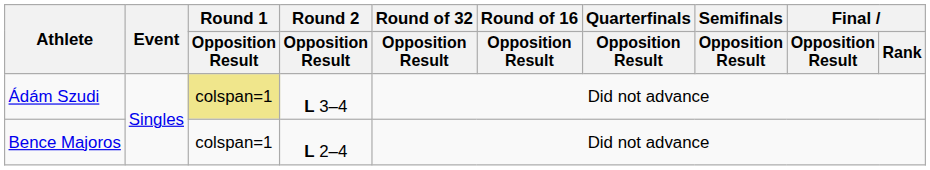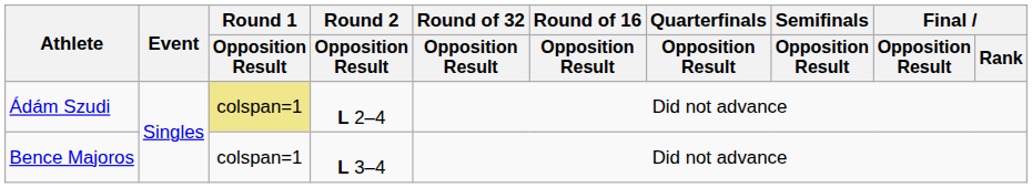 <table class="wikitable" style="font-size:90%">
 <tr>
 <th rowspan=2>Athlete</th>
 <th rowspan=2>Event</th>
 <th>Round 1</th>
 <th>Round 2</th>
 <th>Round of 32</th>
 <th>Round of 16</th>
 <th>Quarterfinals</th>
 <th>Semifinals</th>
 <th colspan=2>Final / </th>
 </tr>
 <tr style="font-size:95%">
 <th>Opposition<br>Result</th>
 <th>Opposition<br>Result</th>
 <th>Opposition<br>Result</th>
 <th>Opposition<br>Result</th>
 <th>Opposition<br>Result</th>
 <th>Opposition<br>Result</th>
 <th>Opposition<br>Result</th>
 <th>Rank</th>
 </tr>
 <tr align=center>
 <td align=left><a href='#'>Ádám Szudi</a></td>
 <td align=left rowspan=2><a href='#'>Singles</a></td>
 <td style="background: khaki;">colspan=1</td>
-<td><br><strong>L</strong> 3–4</td>
+<td><br><strong>L</strong> 2–4</td>
 <td colspan=6>Did not advance</td>
 </tr>
 <tr align=center>
 <td align=left><a href='#'>Bence Majoros</a></td>
 <td>colspan=1</td>
-<td><br><strong>L</strong> 2–4</td>
+<td><br><strong>L</strong> 3–4</td>
 <td colspan=6>Did not advance</td>
 </tr>
 </table>
